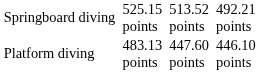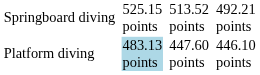 <table>
 <tr>
 <td>Springboard diving</td>
 <td></td>
 <td>525.15 <br> points</td>
 <td></td>
 <td>513.52 <br> points</td>
 <td></td>
 <td>492.21 <br> points</td>
 </tr>
 <tr>
 <td>Platform diving</td>
 <td></td>
-<td>483.13 <br> points</td>
+<td style="background: lightblue;">483.13 <br> points</td>
 <td></td>
 <td>447.60 <br> points</td>
 <td></td>
 <td>446.10 <br> points</td>
 </tr>
 </table>
